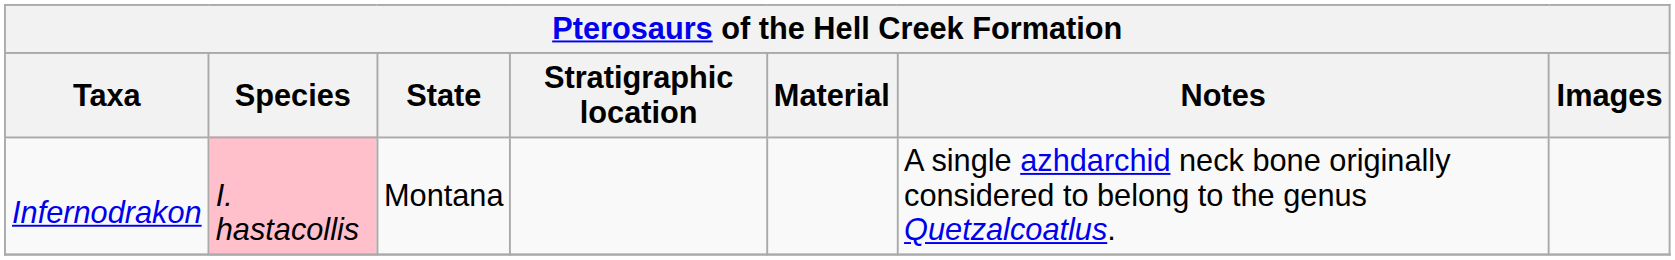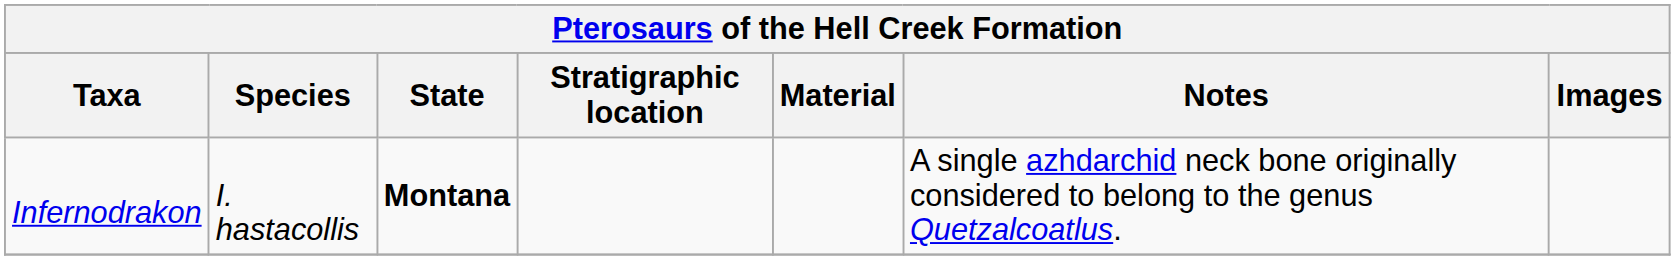 <table class="wikitable sortable mw-collapsible">
 <tr>
 <th colspan="8" style="text-align:center;"><strong><a href='#'>Pterosaurs</a> of the Hell Creek Formation</strong></th>
 </tr>
 <tr>
 <th>Taxa</th>
 <th>Species</th>
 <th>State</th>
 <th>Stratigraphic location</th>
 <th>Material</th>
 <th>Notes</th>
 <th>Images</th>
 </tr>
 <tr>
 <td><br><em><a href='#'>Infernodrakon</a></em></td>
-<td style="background: pink;"><br><em>I. hastacollis</em></td>
-<td>Montana</td>
+<td><br><em>I. hastacollis</em></td>
+<td><strong>Montana</strong></td>
 <td></td>
 <td></td>
 <td>A single <a href='#'>azhdarchid</a> neck bone originally considered to belong to the genus <em><a href='#'>Quetzalcoatlus</a></em>.</td>
 <td></td>
 </tr>
 <tr>
 </tr>
 </table>
